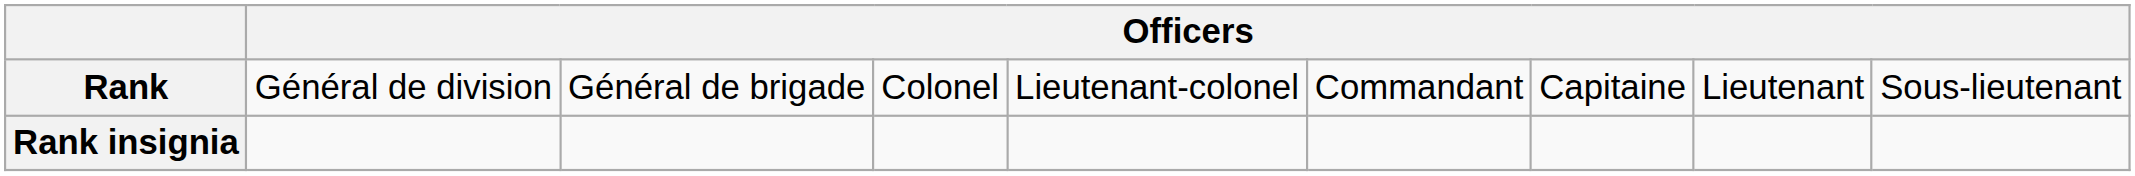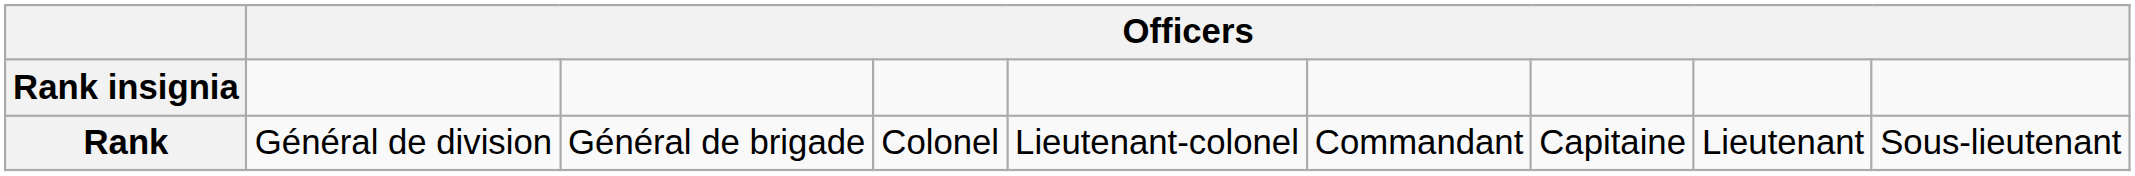 <table class="wikitable">
 <tr>
 <th></th>
 <th colspan=8>Officers</th>
+</tr>
+<tr style="text-align:center;">
+<th>Rank insignia </th>
+<td></td>
+<td></td>
+<td></td>
+<td></td>
+<td></td>
+<td></td>
+<td></td>
+<td></td>
 </tr>
 <tr style="text-align:center;">
 <th>Rank</th>
 <td>Général de division</td>
 <td>Général de brigade</td>
 <td>Colonel</td>
 <td>Lieutenant-colonel</td>
 <td>Commandant</td>
 <td>Capitaine</td>
 <td>Lieutenant</td>
 <td>Sous-lieutenant</td>
 </tr>
-<tr style="text-align:center;">
-<th>Rank insignia </th>
-<td></td>
-<td></td>
-<td></td>
-<td></td>
-<td></td>
-<td></td>
-<td></td>
-<td></td>
-</tr>
 </table>
